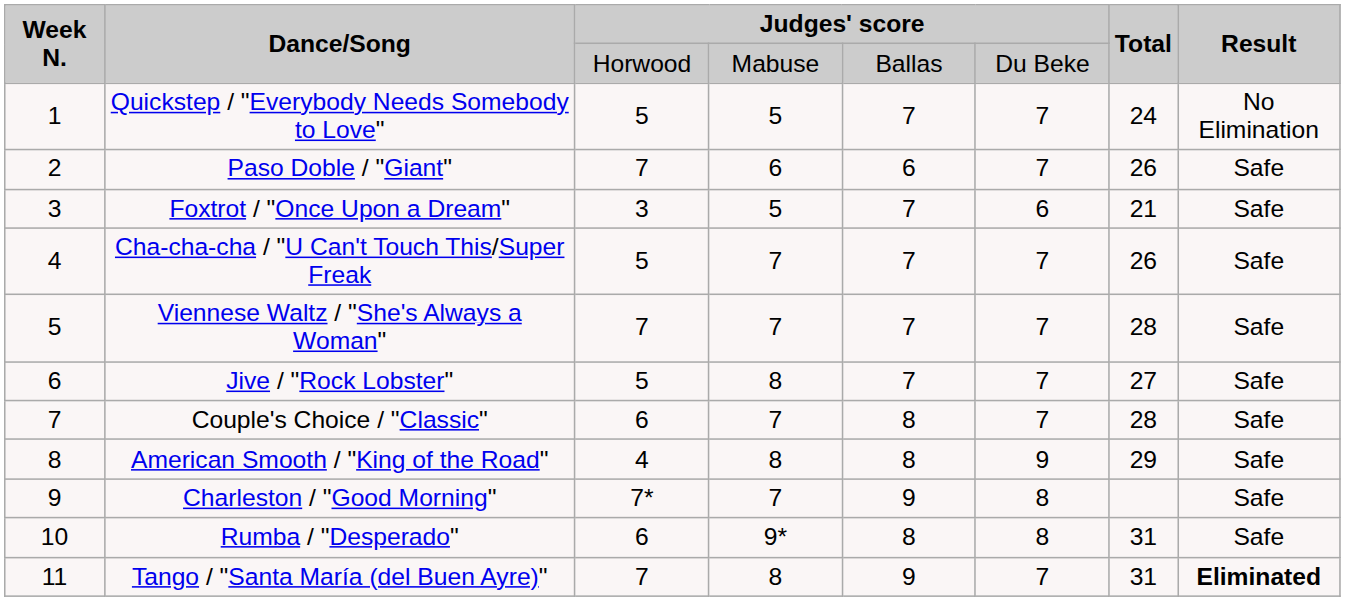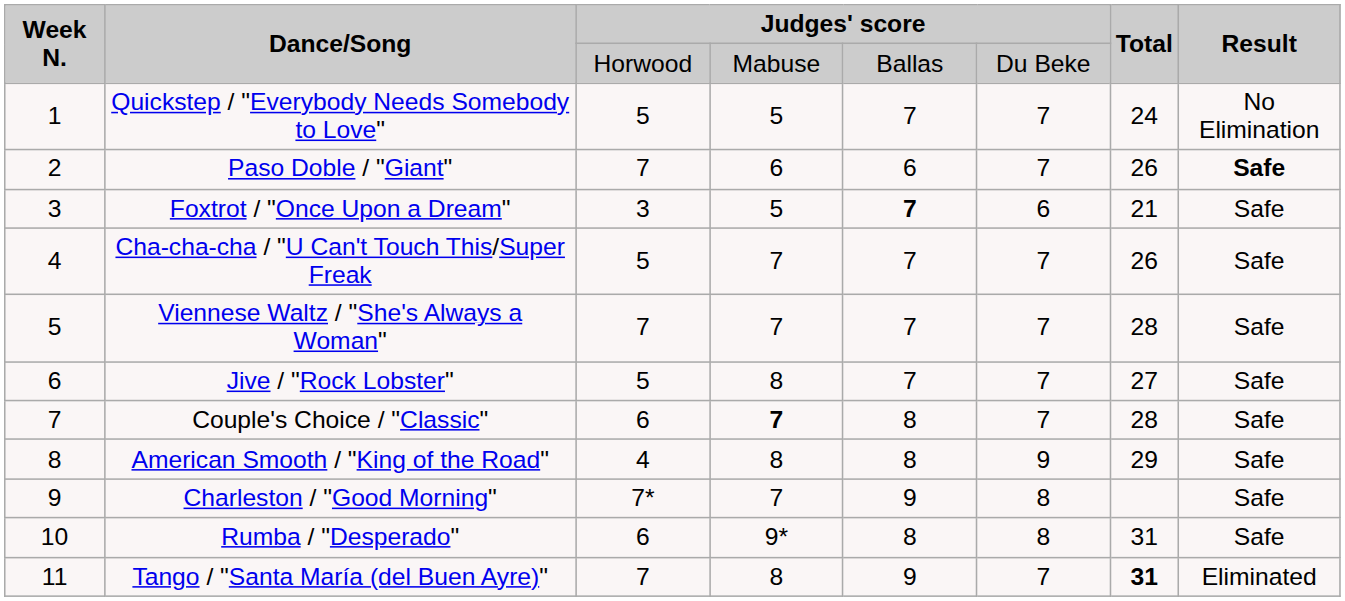 <table class="wikitable">
 <tr>
 <td rowspan="2" style="background:#CCCCCC;" align="Center"><strong>Week N.</strong></td>
 <td rowspan="2" style="background:#CCCCCC;" align="Center"><strong>Dance/Song</strong></td>
 <td colspan="4" style="background:#CCCCCC;" align="Center"><strong>Judges' score</strong></td>
 <td rowspan="2" style="background:#CCCCCC;" align="Center"><strong>Total</strong></td>
 <td rowspan="2" style="background:#CCCCCC;" align="Center"><strong>Result</strong></td>
 </tr>
 <tr>
 <td style="background:#CCCCCC;" width="10%" align="center">Horwood</td>
 <td style="background:#CCCCCC;" width="10%" align="center">Mabuse</td>
 <td style="background:#CCCCCC;" width="10%" align="center">Ballas</td>
 <td style="background:#CCCCCC;" width="10%" align="center">Du Beke</td>
 </tr>
 <tr>
 <td style="text-align:center; background:#faf6f6;">1</td>
 <td style="text-align:center; background:#faf6f6;"><a href='#'>Quickstep</a> / "<a href='#'>Everybody Needs Somebody to Love</a>"</td>
 <td style="text-align:center; background:#faf6f6;">5</td>
 <td style="text-align:center; background:#faf6f6;">5</td>
 <td style="text-align:center; background:#faf6f6;">7</td>
 <td style="text-align:center; background:#faf6f6;">7</td>
 <td style="text-align:center; background:#faf6f6;">24</td>
 <td style="text-align:center; background:#faf6f6;">No Elimination</td>
 </tr>
 <tr>
 <td style="text-align:center; background:#faf6f6;">2</td>
 <td style="text-align:center; background:#faf6f6;"><a href='#'>Paso Doble</a> / "<a href='#'>Giant</a>"</td>
 <td style="text-align:center; background:#faf6f6;">7</td>
 <td style="text-align:center; background:#faf6f6;">6</td>
 <td style="text-align:center; background:#faf6f6;">6</td>
 <td style="text-align:center; background:#faf6f6;">7</td>
 <td style="text-align:center; background:#faf6f6;">26</td>
-<td style="text-align:center; background:#faf6f6;">Safe</td>
+<td style="text-align:center; background:#faf6f6;"><strong>Safe</strong></td>
 </tr>
 <tr>
 <td style="text-align:center; background:#faf6f6;">3</td>
 <td style="text-align:center; background:#faf6f6;"><a href='#'>Foxtrot</a> / "<a href='#'>Once Upon a Dream</a>"</td>
 <td style="text-align:center; background:#faf6f6;">3</td>
 <td style="text-align:center; background:#faf6f6;">5</td>
-<td style="text-align:center; background:#faf6f6;">7</td>
+<td style="text-align:center; background:#faf6f6;"><strong>7</strong></td>
 <td style="text-align:center; background:#faf6f6;">6</td>
 <td style="text-align:center; background:#faf6f6;">21</td>
 <td style="text-align:center; background:#faf6f6;">Safe</td>
 </tr>
 <tr>
 <td style="text-align:center; background:#faf6f6;">4</td>
 <td style="text-align:center; background:#faf6f6;"><a href='#'>Cha-cha-cha</a> / "<a href='#'>U Can't Touch This</a>/<a href='#'>Super Freak</a></td>
 <td style="text-align:center; background:#faf6f6;">5</td>
 <td style="text-align:center; background:#faf6f6;">7</td>
 <td style="text-align:center; background:#faf6f6;">7</td>
 <td style="text-align:center; background:#faf6f6;">7</td>
 <td style="text-align:center; background:#faf6f6;">26</td>
 <td style="text-align:center; background:#faf6f6;">Safe</td>
 </tr>
 <tr>
 <td style="text-align:center; background:#faf6f6;">5</td>
 <td style="text-align:center; background:#faf6f6;"><a href='#'>Viennese Waltz</a> / "<a href='#'>She's Always a Woman</a>"</td>
 <td style="text-align:center; background:#faf6f6;">7</td>
 <td style="text-align:center; background:#faf6f6;">7</td>
 <td style="text-align:center; background:#faf6f6;">7</td>
 <td style="text-align:center; background:#faf6f6;">7</td>
 <td style="text-align:center; background:#faf6f6;">28</td>
 <td style="text-align:center; background:#faf6f6;">Safe</td>
 </tr>
 <tr>
 <td style="text-align:center; background:#faf6f6;">6</td>
 <td style="text-align:center; background:#faf6f6;"><a href='#'>Jive</a> / "<a href='#'>Rock Lobster</a>"</td>
 <td style="text-align:center; background:#faf6f6;">5</td>
 <td style="text-align:center; background:#faf6f6;">8</td>
 <td style="text-align:center; background:#faf6f6;">7</td>
 <td style="text-align:center; background:#faf6f6;">7</td>
 <td style="text-align:center; background:#faf6f6;">27</td>
 <td style="text-align:center; background:#faf6f6;">Safe</td>
 </tr>
 <tr>
 <td style="text-align:center; background:#faf6f6;">7</td>
 <td style="text-align:center; background:#faf6f6;">Couple's Choice / "<a href='#'>Classic</a>"</td>
 <td style="text-align:center; background:#faf6f6;">6</td>
-<td style="text-align:center; background:#faf6f6;">7</td>
+<td style="text-align:center; background:#faf6f6;"><strong>7</strong></td>
 <td style="text-align:center; background:#faf6f6;">8</td>
 <td style="text-align:center; background:#faf6f6;">7</td>
 <td style="text-align:center; background:#faf6f6;">28</td>
 <td style="text-align:center; background:#faf6f6;">Safe</td>
 </tr>
 <tr>
 <td style="text-align:center; background:#faf6f6;">8</td>
 <td style="text-align:center; background:#faf6f6;"><a href='#'>American Smooth</a> / "<a href='#'>King of the Road</a>"</td>
 <td style="text-align:center; background:#faf6f6;">4</td>
 <td style="text-align:center; background:#faf6f6;">8</td>
 <td style="text-align:center; background:#faf6f6;">8</td>
 <td style="text-align:center; background:#faf6f6;">9</td>
 <td style="text-align:center; background:#faf6f6;">29</td>
 <td style="text-align:center; background:#faf6f6;">Safe</td>
 </tr>
 <tr>
 <td style="text-align:center; background:#faf6f6;">9</td>
 <td style="text-align:center; background:#faf6f6;"><a href='#'>Charleston</a> / "<a href='#'>Good Morning</a>"</td>
 <td style="text-align:center; background:#faf6f6;">7*</td>
 <td style="text-align:center; background:#faf6f6;">7</td>
 <td style="text-align:center; background:#faf6f6;">9</td>
 <td style="text-align:center; background:#faf6f6;">8</td>
 <td style="text-align:center; background:#faf6f6;"></td>
 <td style="text-align:center; background:#faf6f6;">Safe</td>
 </tr>
 <tr>
 <td style="text-align:center; background:#faf6f6;">10</td>
 <td style="text-align:center; background:#faf6f6;"><a href='#'>Rumba</a> / "<a href='#'>Desperado</a>"</td>
 <td style="text-align:center; background:#faf6f6;">6</td>
 <td style="text-align:center; background:#faf6f6;">9*</td>
 <td style="text-align:center; background:#faf6f6;">8</td>
 <td style="text-align:center; background:#faf6f6;">8</td>
 <td style="text-align:center; background:#faf6f6;">31</td>
 <td style="text-align:center; background:#faf6f6;">Safe</td>
 </tr>
 <tr>
 <td style="text-align:center; background:#faf6f6;">11</td>
 <td style="text-align:center; background:#faf6f6;"><a href='#'>Tango</a> / "<a href='#'>Santa María (del Buen Ayre)</a>"</td>
 <td style="text-align:center; background:#faf6f6;">7</td>
 <td style="text-align:center; background:#faf6f6;">8</td>
 <td style="text-align:center; background:#faf6f6;">9</td>
 <td style="text-align:center; background:#faf6f6;">7</td>
-<td style="text-align:center; background:#faf6f6;">31</td>
-<td style="text-align:center; background:#faf6f6;"><strong>Eliminated</strong></td>
+<td style="text-align:center; background:#faf6f6;"><strong>31</strong></td>
+<td style="text-align:center; background:#faf6f6;">Eliminated</td>
 </tr>
 </table>
